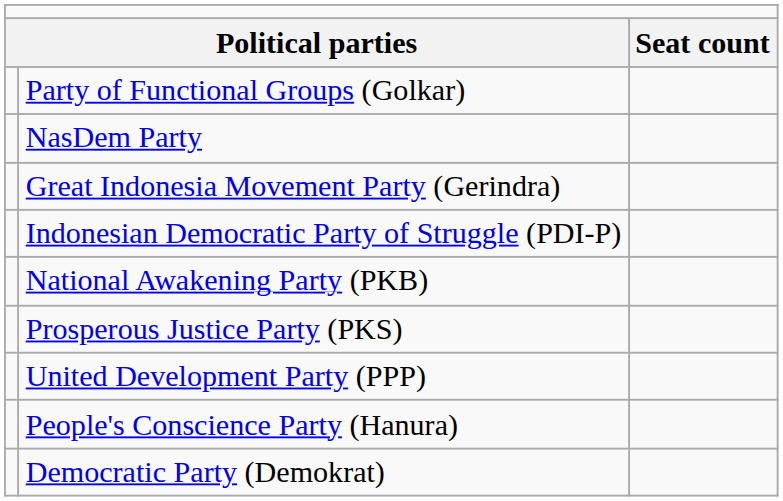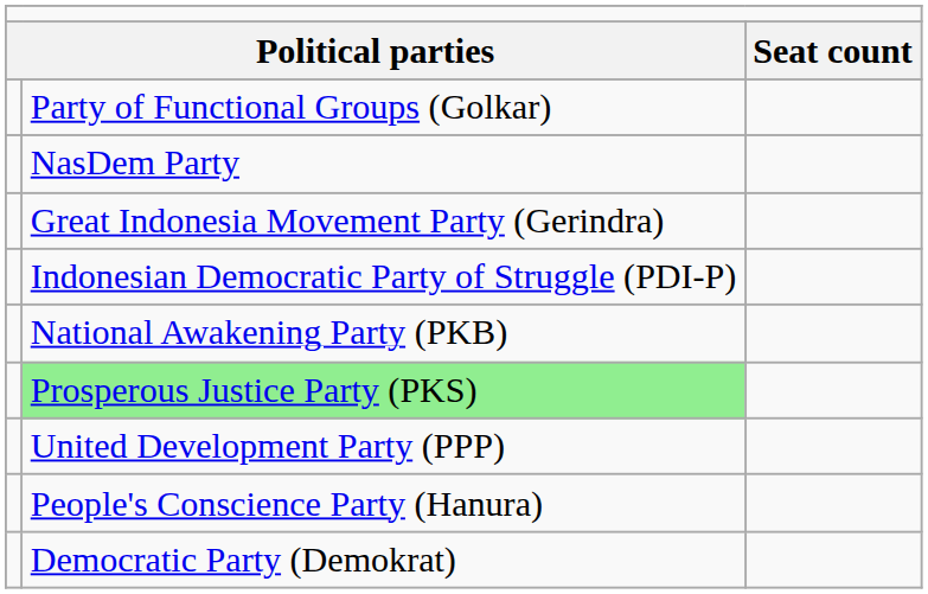 <table class="wikitable">
 <tr>
 <td colspan="4"></td>
 </tr>
 <tr>
 <th colspan="2">Political parties</th>
 <th>Seat count</th>
 </tr>
 <tr>
 <td bgcolor=></td>
 <td><a href='#'>Party of Functional Groups</a> (Golkar)</td>
 <td></td>
 </tr>
 <tr>
 <td bgcolor=></td>
 <td><a href='#'>NasDem Party</a></td>
 <td></td>
 </tr>
 <tr>
 <td bgcolor=></td>
 <td><a href='#'>Great Indonesia Movement Party</a> (Gerindra)</td>
 <td></td>
 </tr>
 <tr>
 <td bgcolor=></td>
 <td><a href='#'>Indonesian Democratic Party of Struggle</a> (PDI-P)</td>
 <td></td>
 </tr>
 <tr>
 <td bgcolor=></td>
 <td><a href='#'>National Awakening Party</a> (PKB)</td>
 <td></td>
 </tr>
 <tr>
 <td bgcolor=></td>
-<td><a href='#'>Prosperous Justice Party</a> (PKS)</td>
+<td style="background: lightgreen;"><a href='#'>Prosperous Justice Party</a> (PKS)</td>
 <td></td>
 </tr>
 <tr>
 <td bgcolor=></td>
 <td><a href='#'>United Development Party</a> (PPP)</td>
 <td></td>
 </tr>
 <tr>
 <td bgcolor=></td>
 <td><a href='#'>People's Conscience Party</a> (Hanura)</td>
 <td></td>
 </tr>
 <tr>
 <td bgcolor=></td>
 <td><a href='#'>Democratic Party</a> (Demokrat)</td>
 <td></td>
 </tr>
 </table>
